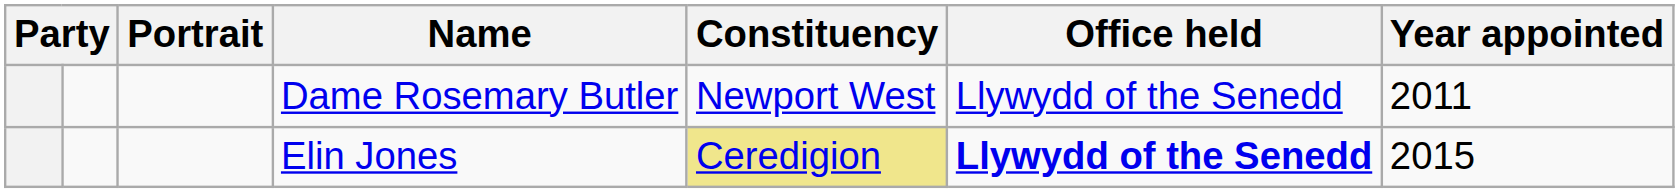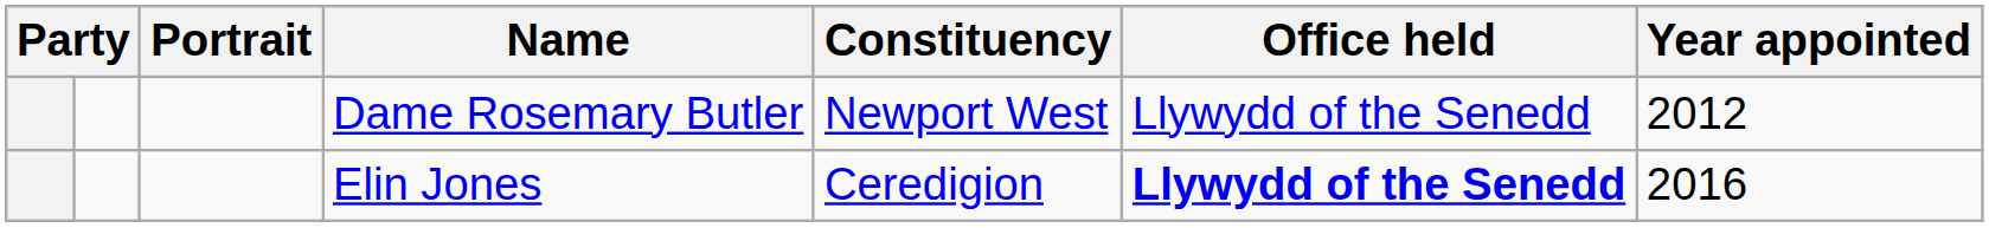 <table class="wikitable sortable">
 <tr>
 <th colspan=2>Party</th>
 <th>Portrait</th>
 <th>Name</th>
 <th>Constituency</th>
 <th>Office held</th>
 <th>Year appointed</th>
 </tr>
 <tr>
 <th style="background-color: "></th>
 <td></td>
 <td></td>
 <td><a href='#'>Dame Rosemary Butler</a></td>
 <td><a href='#'>Newport West</a></td>
 <td><a href='#'>Llywydd of the Senedd</a></td>
-<td>2011</td>
+<td>2012</td>
 </tr>
 <tr>
 <th style="background-color: "></th>
 <td></td>
 <td></td>
 <td><a href='#'>Elin Jones</a></td>
-<td style="background: khaki;"><a href='#'>Ceredigion</a></td>
+<td><a href='#'>Ceredigion</a></td>
 <td><strong><a href='#'>Llywydd of the Senedd</a></strong></td>
-<td>2015</td>
+<td>2016</td>
 </tr>
 </table>
